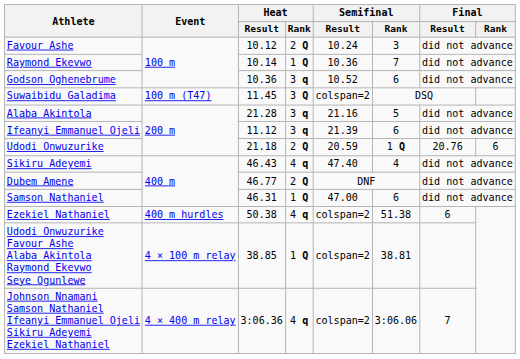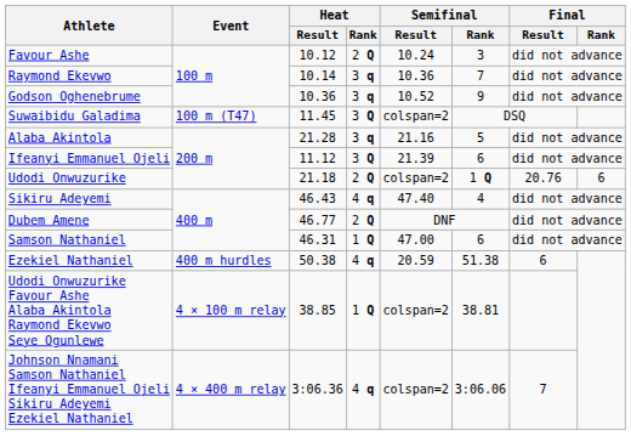 <table class="wikitable" style="font-size:90%; text-align:center">
 <tr>
 <th rowspan=2>Athlete</th>
 <th rowspan=2>Event</th>
 <th colspan=2>Heat</th>
 <th colspan=2>Semifinal</th>
 <th colspan=2>Final</th>
 </tr>
 <tr style="font-size:95%">
 <th>Result</th>
 <th>Rank</th>
 <th>Result</th>
 <th>Rank</th>
 <th>Result</th>
 <th>Rank</th>
 </tr>
 <tr>
 <td align=left><a href='#'>Favour Ashe</a></td>
 <td align=left rowspan=3><a href='#'>100 m</a></td>
 <td>10.12</td>
 <td>2 <strong>Q</strong></td>
 <td>10.24</td>
 <td>3</td>
 <td colspan=2>did not advance</td>
 </tr>
 <tr>
 <td align=left><a href='#'>Raymond Ekevwo</a></td>
 <td>10.14</td>
-<td>1 <strong>Q</strong></td>
+<td>3 <strong>q</strong></td>
 <td>10.36</td>
 <td>7</td>
 <td colspan=2>did not advance</td>
 </tr>
 <tr>
 <td align=left><a href='#'>Godson Oghenebrume</a></td>
 <td>10.36</td>
 <td>3 <strong>q</strong></td>
 <td>10.52</td>
-<td>6</td>
+<td>9</td>
 <td colspan=2>did not advance</td>
 </tr>
 <tr>
 <td align=left><a href='#'>Suwaibidu Galadima</a></td>
 <td align=left rowspan=1><a href='#'>100 m (T47)</a></td>
 <td>11.45</td>
 <td>3 <strong>Q</strong></td>
 <td>colspan=2 </td>
 <td colspan=2>DSQ</td>
 </tr>
 <tr>
 <td align=left><a href='#'>Alaba Akintola</a></td>
 <td align=left rowspan=3><a href='#'>200 m</a></td>
 <td>21.28</td>
 <td>3 <strong>q</strong></td>
 <td>21.16</td>
 <td>5</td>
 <td colspan=2>did not advance</td>
 </tr>
 <tr>
 <td align=left><a href='#'>Ifeanyi Emmanuel Ojeli</a></td>
 <td>11.12</td>
-<td>3 <strong>q</strong></td>
+<td>3 <strong>Q</strong></td>
 <td>21.39</td>
 <td>6</td>
 <td colspan=2>did not advance</td>
 </tr>
 <tr>
 <td align=left><a href='#'>Udodi Onwuzurike</a></td>
 <td>21.18</td>
 <td>2 <strong>Q</strong></td>
-<td>20.59</td>
+<td>colspan=2 </td>
 <td>1 <strong>Q</strong></td>
 <td>20.76</td>
 <td>6</td>
 </tr>
 <tr>
 <td align=left><a href='#'>Sikiru Adeyemi</a></td>
 <td align=left rowspan=3><a href='#'>400 m</a></td>
 <td>46.43</td>
 <td>4 <strong>q</strong></td>
 <td>47.40</td>
 <td>4</td>
 <td colspan=2>did not advance</td>
 </tr>
 <tr>
 <td align=left><a href='#'>Dubem Amene</a></td>
 <td>46.77</td>
 <td>2 <strong>Q</strong></td>
 <td colspan=2>DNF</td>
 <td colspan=2>did not advance</td>
 </tr>
 <tr>
 <td align=left><a href='#'>Samson Nathaniel</a></td>
 <td>46.31</td>
 <td>1 <strong>Q</strong></td>
 <td>47.00</td>
 <td>6</td>
 <td colspan=2>did not advance</td>
 </tr>
 <tr>
 <td align=left><a href='#'>Ezekiel Nathaniel</a></td>
 <td align=left rowspan=1><a href='#'>400 m hurdles</a></td>
 <td>50.38</td>
 <td>4 <strong>q</strong></td>
-<td>colspan=2 </td>
+<td>20.59</td>
 <td>51.38</td>
 <td>6</td>
 </tr>
 <tr>
 <td align=left><a href='#'>Udodi Onwuzurike</a><br><a href='#'>Favour Ashe</a><br><a href='#'>Alaba Akintola</a><br> <a href='#'>Raymond Ekevwo</a><br><a href='#'>Seye Ogunlewe</a></td>
 <td align=left><a href='#'>4 × 100 m relay</a></td>
 <td>38.85</td>
 <td>1 <strong>Q</strong></td>
 <td>colspan=2 </td>
 <td>38.81</td>
 <td></td>
 </tr>
 <tr>
 <td align=left><a href='#'>Johnson Nnamani</a><br><a href='#'>Samson Nathaniel</a><br><a href='#'>Ifeanyi Emmanuel Ojeli</a><br><a href='#'>Sikiru Adeyemi</a><br><a href='#'>Ezekiel Nathaniel</a></td>
 <td align=left><a href='#'>4 × 400 m relay</a></td>
 <td>3:06.36</td>
 <td>4 <strong>q</strong></td>
 <td>colspan=2 </td>
 <td>3:06.06</td>
 <td>7</td>
 </tr>
 </table>
